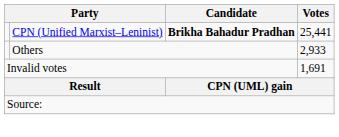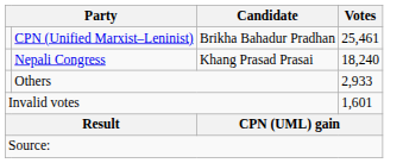 <table class="wikitable">
 <tr>
 <th colspan="2">Party</th>
 <th>Candidate</th>
 <th>Votes</th>
 </tr>
 <tr>
 <td style="background-color:"></td>
 <td><a href='#'>CPN (Unified Marxist–Leninist)</a></td>
-<td><strong>Brikha Bahadur Pradhan</strong></td>
-<td>25,441</td>
+<td>Brikha Bahadur Pradhan</td>
+<td>25,461</td>
+</tr>
+<tr>
+<td style="background-color:"></td>
+<td><a href='#'>Nepali Congress</a></td>
+<td>Khang Prasad Prasai</td>
+<td>18,240</td>
 </tr>
 <tr>
 <td></td>
 <td colspan="2">Others</td>
 <td>2,933</td>
 </tr>
 <tr>
 <td colspan="3">Invalid votes</td>
-<td>1,691</td>
+<td>1,601</td>
 </tr>
 <tr>
 <th colspan="2">Result</th>
 <th colspan="2">CPN (UML) gain</th>
 </tr>
 <tr>
 <td colspan="4">Source: </td>
 </tr>
 </table>
